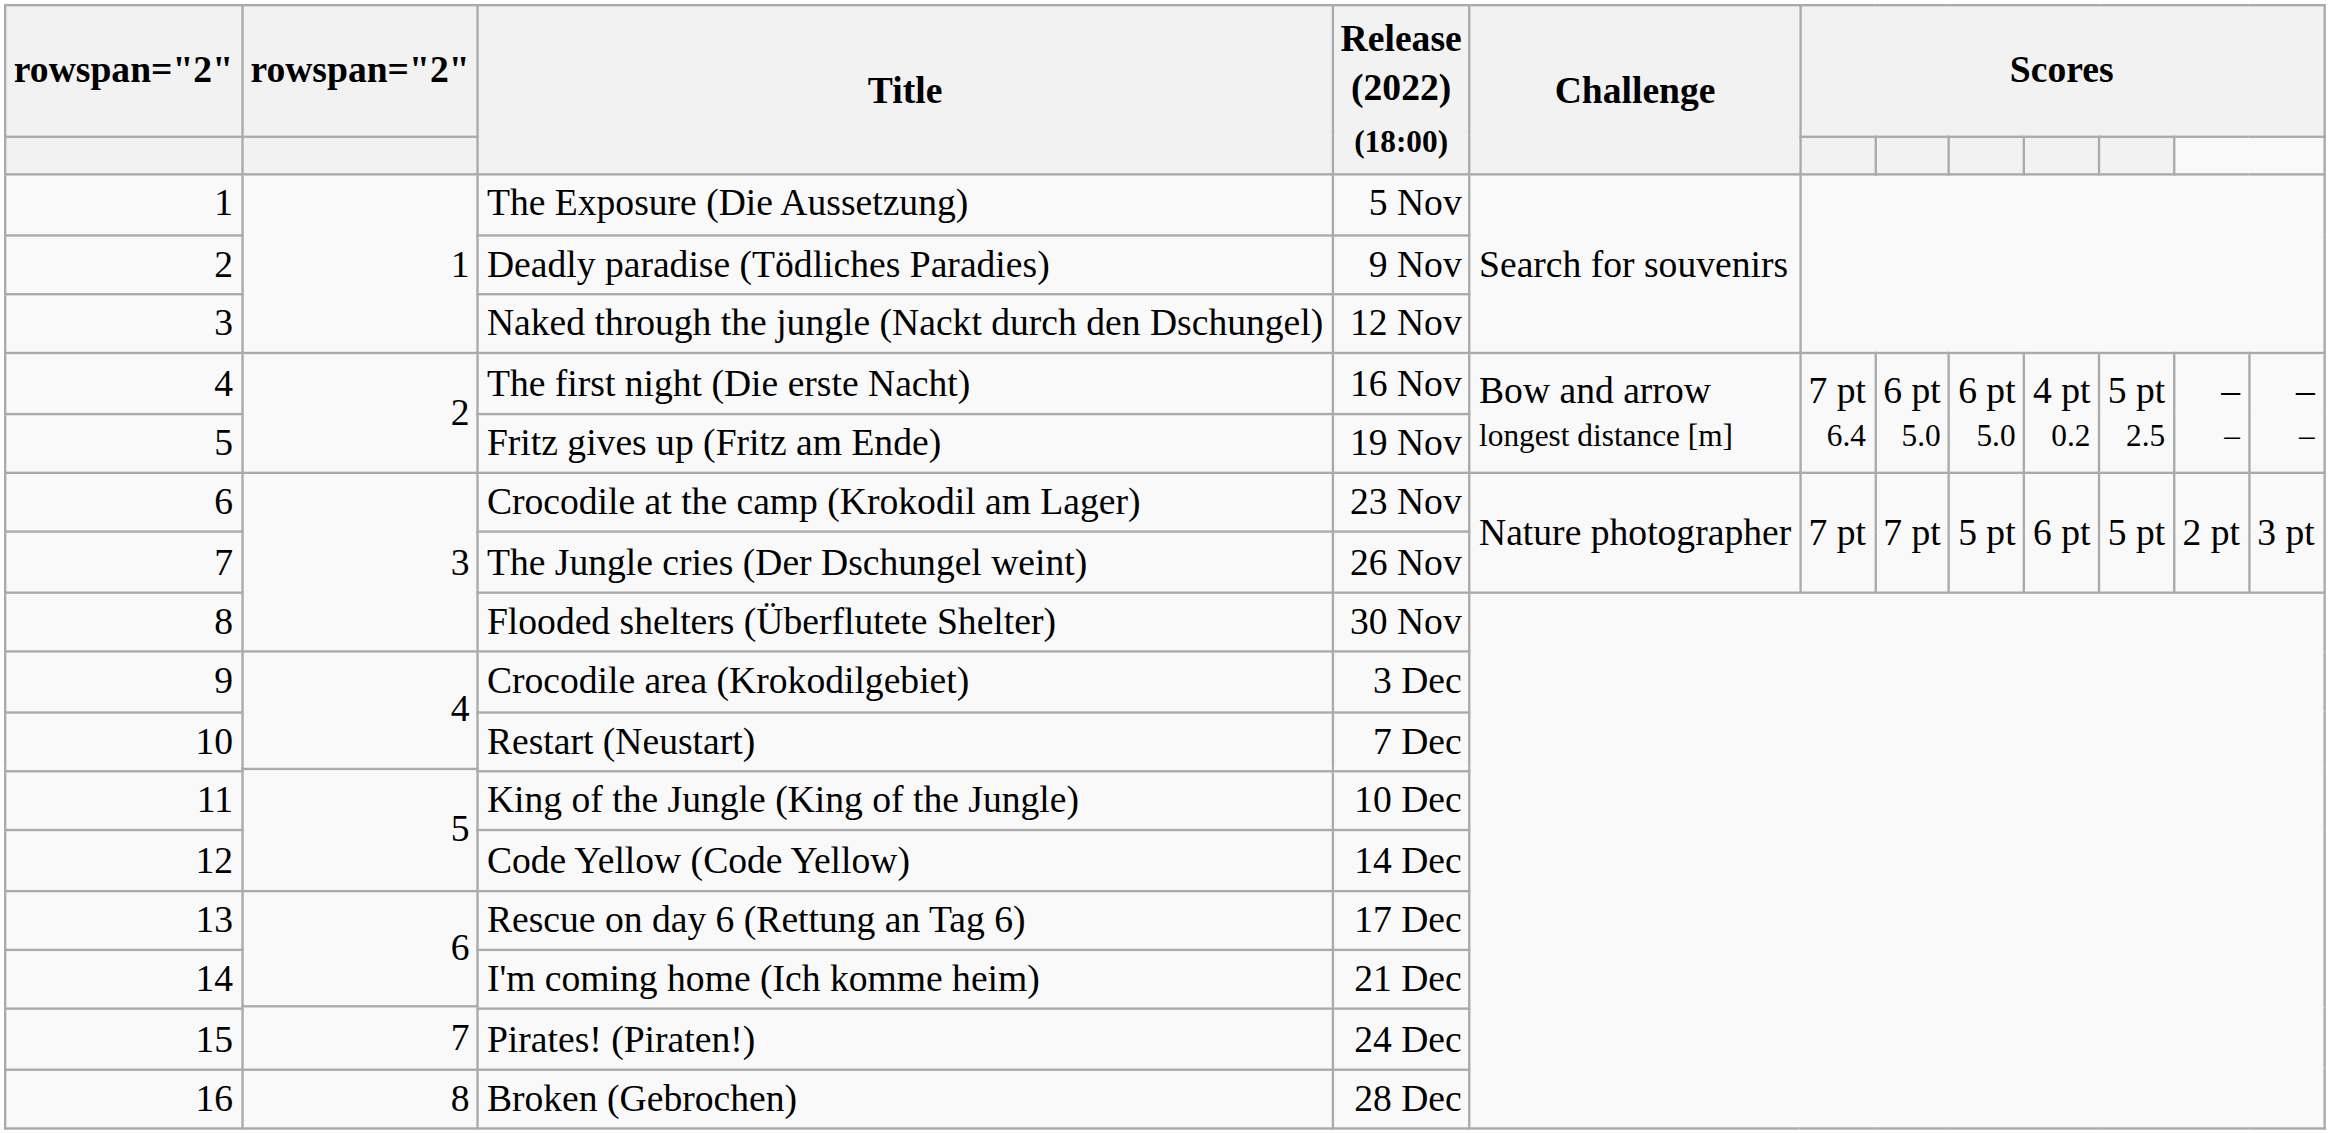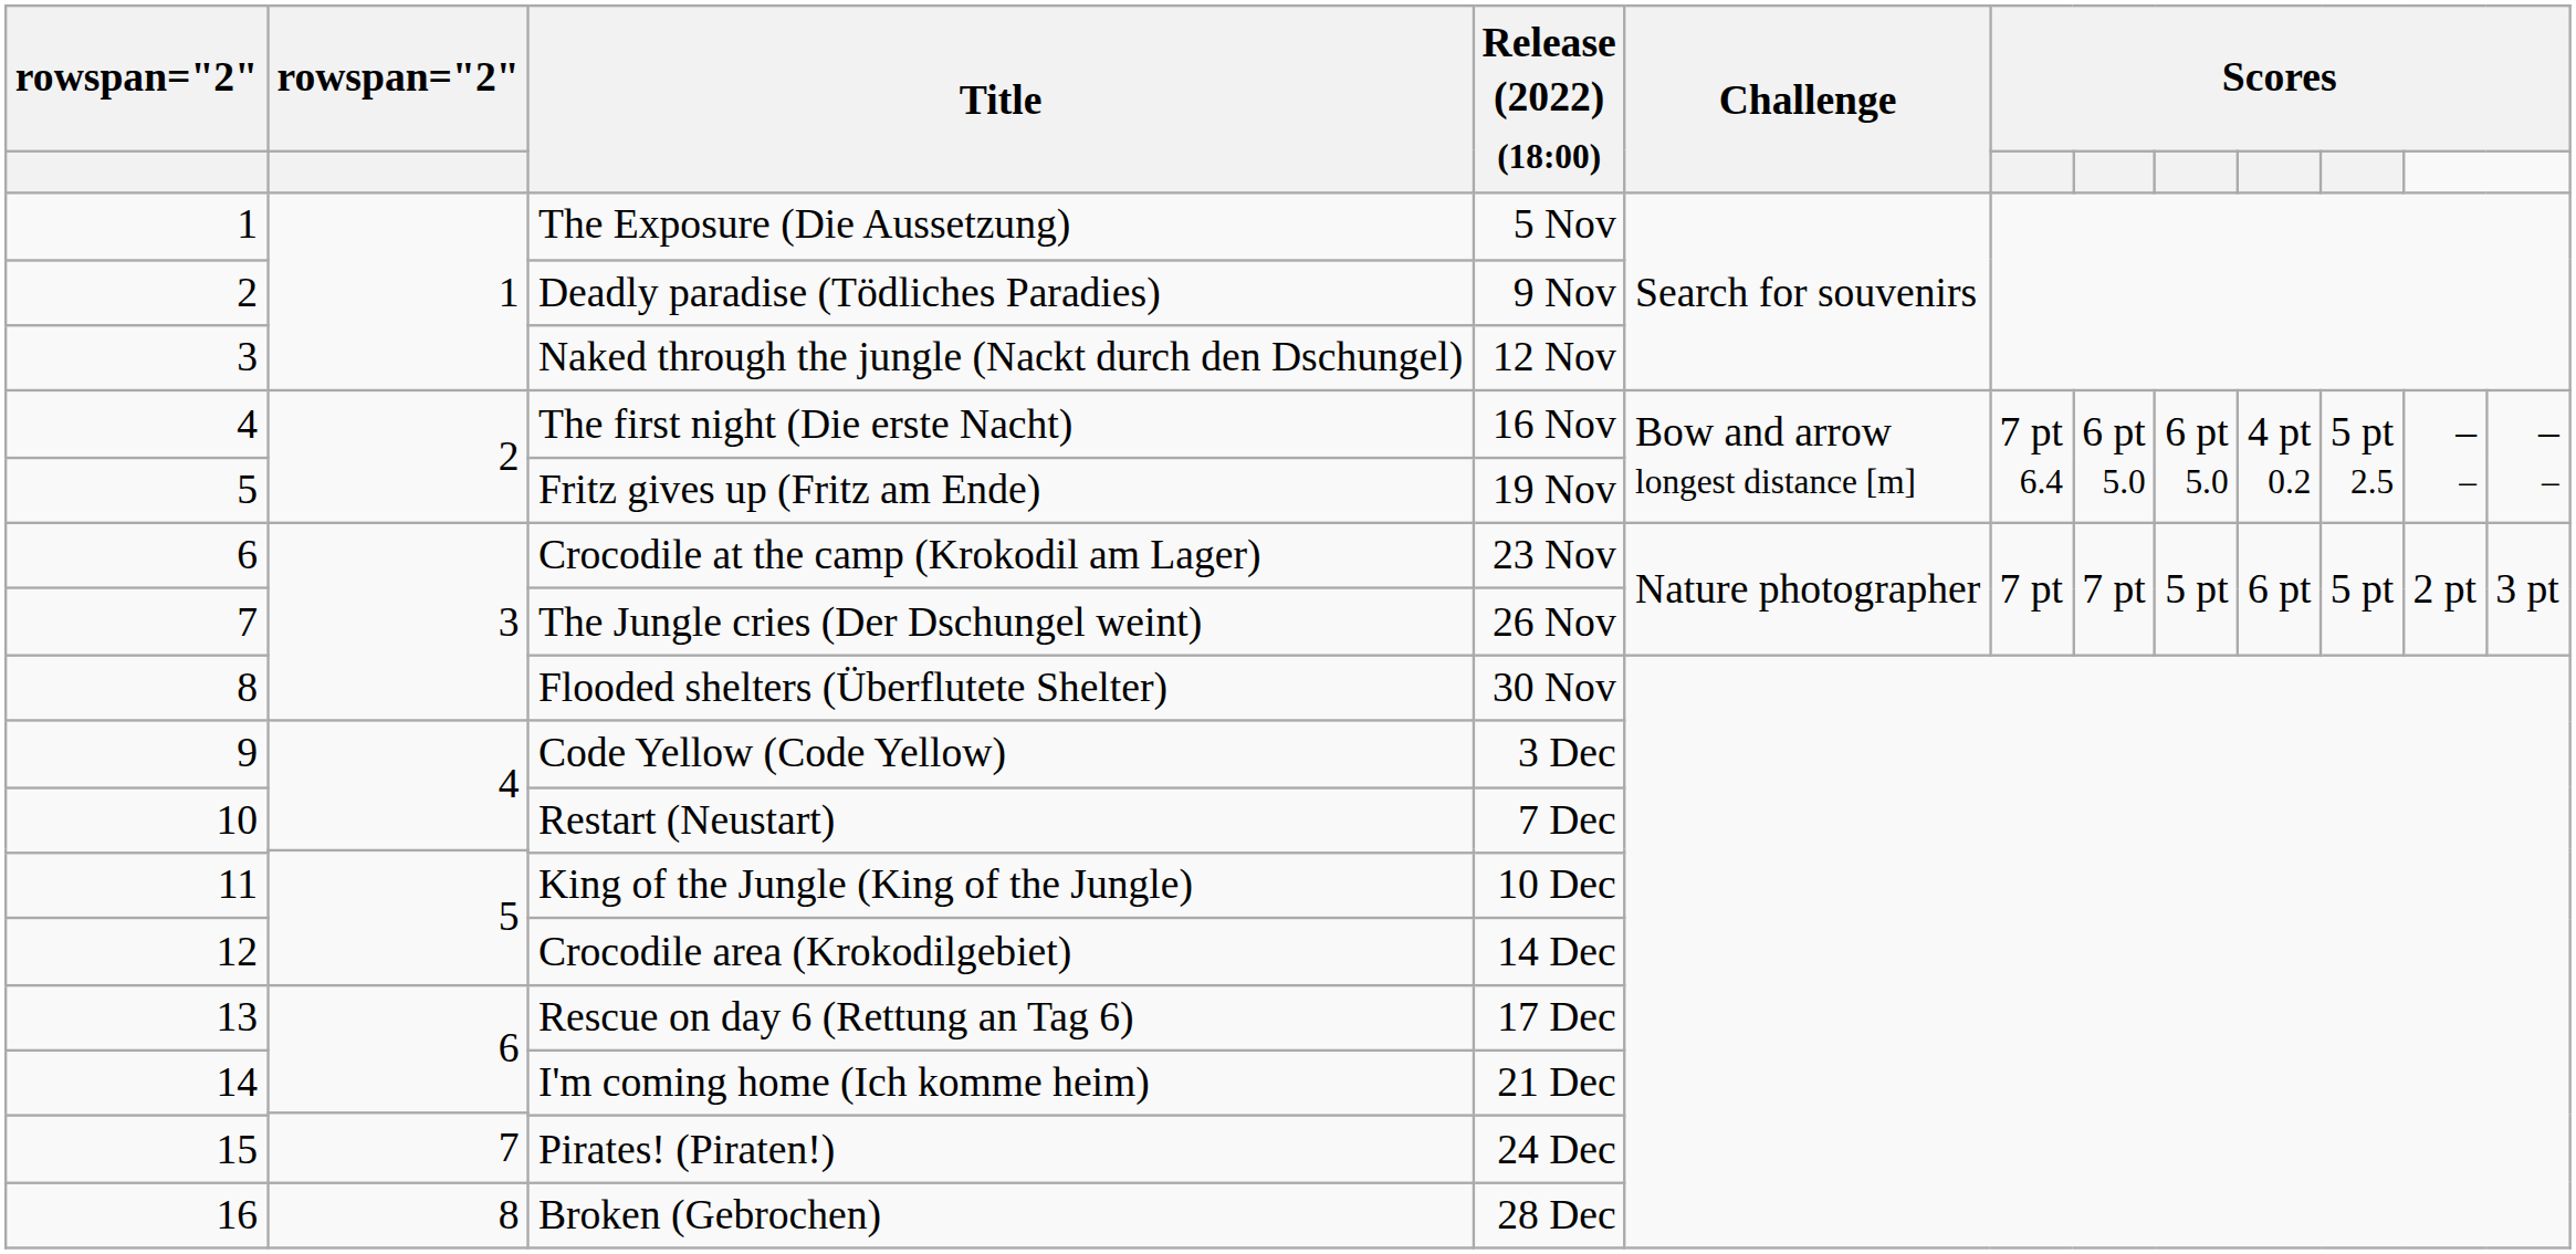 <table class="wikitable" style="text-align:right; white-space:nowrap">
 <tr>
 <th>rowspan="2" </th>
 <th>rowspan="2" </th>
 <th rowspan="2">Title</th>
 <th rowspan="2" style="line-height:133%">Release<br>(2022)<br><small>(18:00)</small></th>
 <th rowspan="2">Challenge</th>
 <th colspan="7">Scores</th>
 </tr>
 <tr style="letter-spacing:-1px">
 <th></th>
 <th></th>
 <th></th>
 <th></th>
 <th></th>
 <th></th>
 <th></th>
 </tr>
 <tr>
 <td>1</td>
 <td rowspan="3">1</td>
 <td style="text-align:left">The Exposure (Die Aussetzung)</td>
 <td>5 Nov</td>
 <td rowspan="3" style="text-align:left">Search for souvenirs</td>
 <td rowspan="3" colspan="7"></td>
 </tr>
 <tr>
 <td>2</td>
 <td style="text-align:left">Deadly paradise (Tödliches Paradies)</td>
 <td>9 Nov</td>
 </tr>
 <tr>
 <td>3</td>
 <td style="text-align:left">Naked through the jungle (Nackt durch den Dschungel)</td>
 <td>12 Nov</td>
 </tr>
 <tr>
 <td>4</td>
 <td rowspan="2">2</td>
 <td style="text-align:left">The first night (Die erste Nacht)</td>
 <td>16 Nov</td>
 <td rowspan="2" style="text-align:left">Bow and arrow<br><small>longest distance [m]</small></td>
 <td rowspan="2">7 pt<br><small>6.4</small></td>
 <td rowspan="2">6 pt<br><small>5.0</small></td>
 <td rowspan="2">6 pt<br><small>5.0</small></td>
 <td rowspan="2">4 pt<br><small>0.2</small></td>
 <td rowspan="2">5 pt<br><small>2.5</small></td>
 <td rowspan="2">–<br><small>–</small></td>
 <td rowspan="2">–<br><small>–</small></td>
 </tr>
 <tr>
 <td>5</td>
 <td style="text-align:left">Fritz gives up (Fritz am Ende)</td>
 <td>19 Nov</td>
 </tr>
 <tr>
 <td>6</td>
 <td rowspan="3">3</td>
 <td style="text-align:left">Crocodile at the camp (Krokodil am Lager)</td>
 <td>23 Nov</td>
 <td rowspan="2" style="text-align:left">Nature photographer</td>
 <td rowspan="2">7 pt</td>
 <td rowspan="2">7 pt</td>
 <td rowspan="2">5 pt</td>
 <td rowspan="2">6 pt</td>
 <td rowspan="2">5 pt</td>
 <td rowspan="2">2 pt</td>
 <td rowspan="2">3 pt</td>
 </tr>
 <tr>
 <td>7</td>
 <td style="text-align:left">The Jungle cries (Der Dschungel weint)</td>
 <td>26 Nov</td>
 </tr>
 <tr>
 <td>8</td>
 <td style="text-align:left">Flooded shelters (Überflutete Shelter)</td>
 <td>30 Nov</td>
 </tr>
 <tr>
 <td>9</td>
 <td rowspan="2" style="height:42px">4</td>
-<td style="text-align:left">Crocodile area (Krokodilgebiet)</td>
+<td style="text-align:left">Code Yellow (Code Yellow)</td>
 <td>3 Dec</td>
 </tr>
 <tr>
 <td rowspan="2">10</td>
 <td style="text-align:left" rowspan="2">Restart (Neustart)</td>
 <td rowspan="2">7 Dec</td>
 </tr>
 <tr>
 <td rowspan="3">5</td>
 </tr>
 <tr>
 <td>11</td>
 <td style="text-align:left">King of the Jungle (King of the Jungle)</td>
 <td>10 Dec</td>
 </tr>
 <tr>
 <td>12</td>
-<td style="text-align:left">Code Yellow (Code Yellow)</td>
+<td style="text-align:left">Crocodile area (Krokodilgebiet)</td>
 <td>14 Dec</td>
 </tr>
 <tr>
 <td>13</td>
 <td rowspan="2" style="height:42px">6</td>
 <td style="text-align:left">Rescue on day 6 (Rettung an Tag 6)</td>
 <td>17 Dec</td>
 </tr>
 <tr>
 <td rowspan="2">14</td>
 <td rowspan="2" style="text-align:left">I'm coming home (Ich komme heim)</td>
 <td rowspan="2">21 Dec</td>
 </tr>
 <tr>
 <td rowspan="2">7</td>
 </tr>
 <tr>
 <td>15</td>
 <td style="text-align:left">Pirates! (Piraten!)</td>
 <td>24 Dec</td>
 </tr>
 <tr>
 <td>16</td>
 <td>8</td>
 <td style="text-align:left">Broken (Gebrochen)</td>
 <td>28 Dec</td>
 </tr>
 </table>
